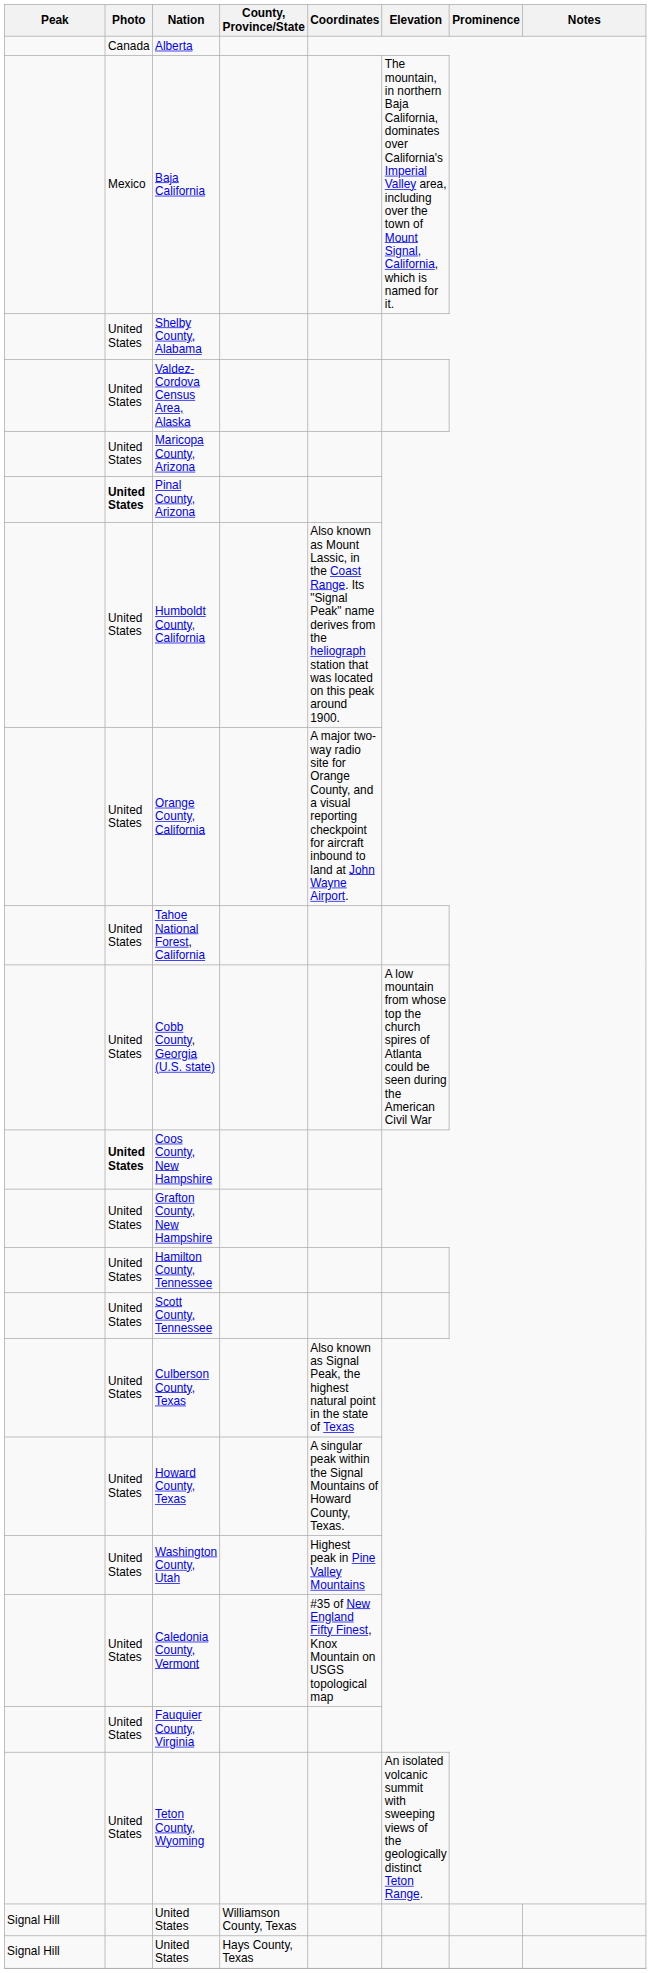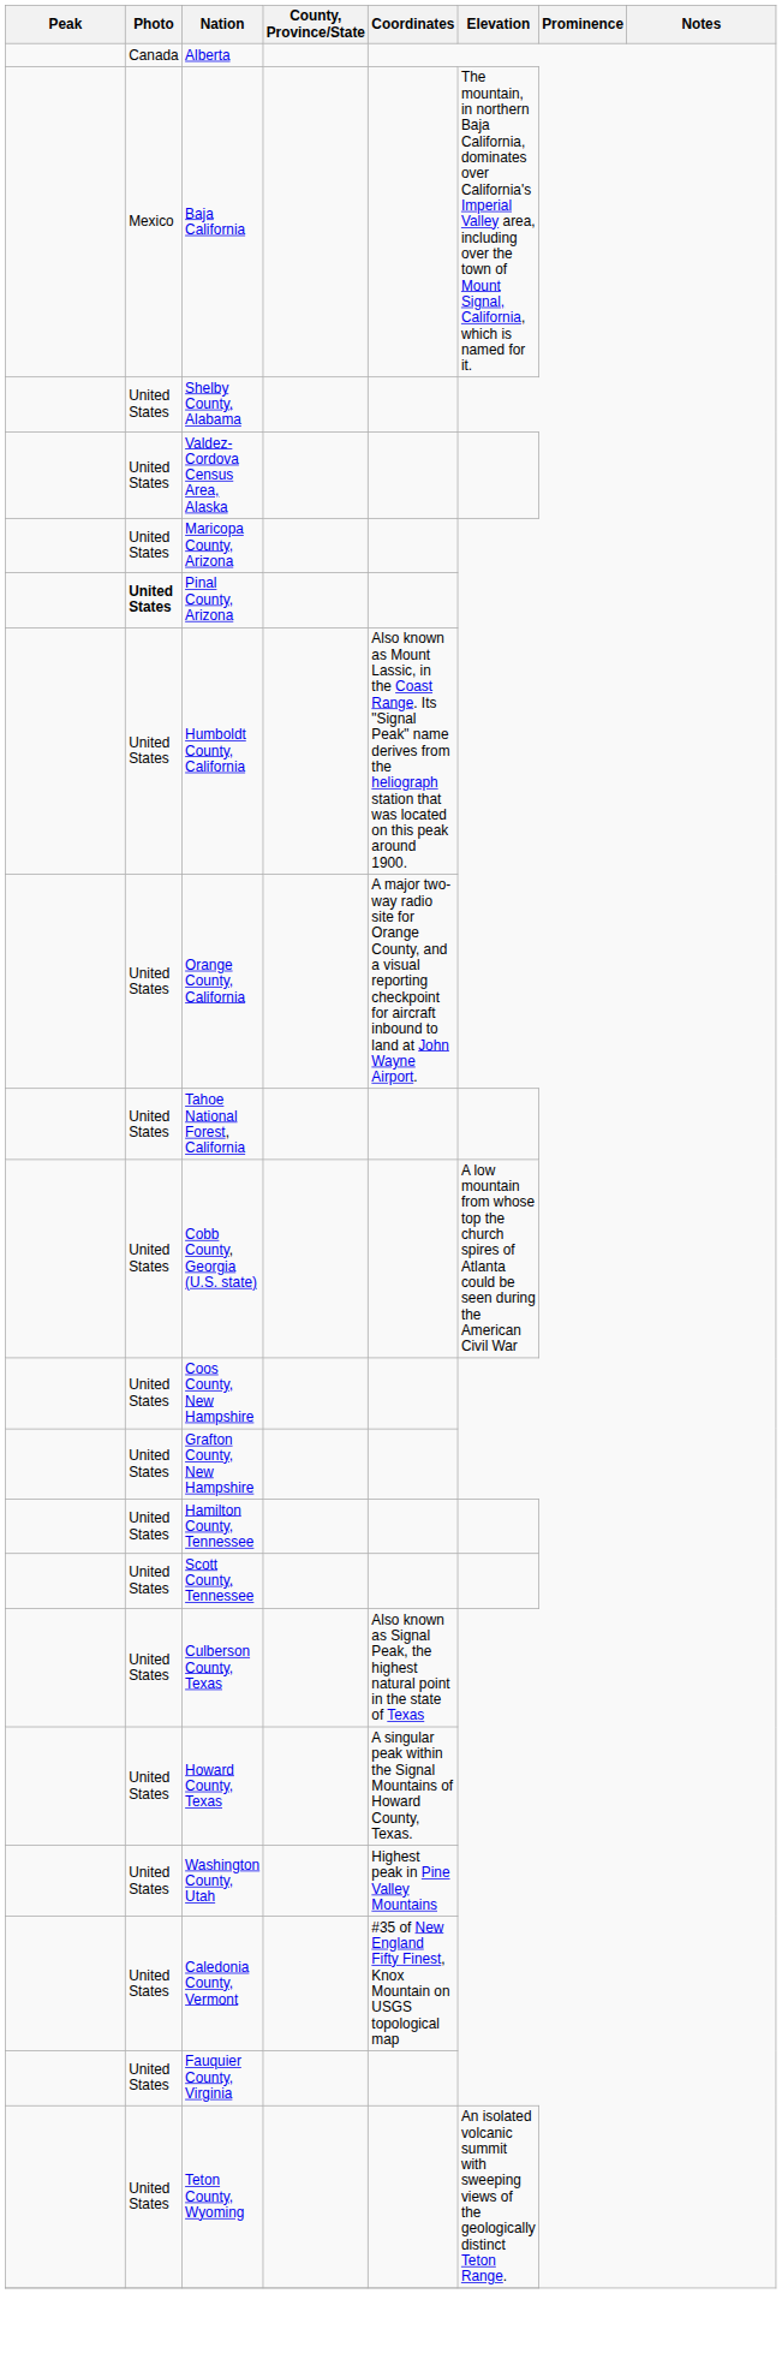 <table class="wikitable sortable">
 <tr>
 <th width=20%>Peak</th>
 <th>Photo</th>
 <th>Nation</th>
 <th>County, Province/State</th>
 <th>Coordinates</th>
 <th>Elevation</th>
 <th>Prominence</th>
 <th width=25%>Notes</th>
 </tr>
 <tr>
 <td></td>
 <td>Canada</td>
 <td><a href='#'>Alberta</a></td>
 <td><small></small><br> </td>
 </tr>
 <tr>
 <td></td>
 <td>Mexico</td>
 <td><a href='#'>Baja California</a></td>
 <td><small></small><br></td>
 <td></td>
 <td>The mountain, in northern Baja California, dominates over California's <a href='#'>Imperial Valley</a> area, including over the town of <a href='#'>Mount Signal, California</a>, which is named for it.</td>
 </tr>
 <tr>
 <td></td>
 <td>United States</td>
 <td><a href='#'>Shelby County, Alabama</a></td>
 <td><small></small><br> </td>
 <td></td>
 </tr>
 <tr>
 <td></td>
 <td>United States</td>
 <td><a href='#'>Valdez-Cordova Census Area, Alaska</a></td>
 <td><small></small><br></td>
 <td></td>
 <td></td>
 </tr>
 <tr>
 <td></td>
 <td>United States</td>
 <td><a href='#'>Maricopa County, Arizona</a></td>
 <td><small></small><br> </td>
 <td></td>
 </tr>
 <tr>
 <td></td>
 <td><strong>United States</strong></td>
 <td><a href='#'>Pinal County, Arizona</a></td>
 <td><small></small><br> </td>
 <td></td>
 </tr>
 <tr>
 <td></td>
 <td>United States</td>
 <td><a href='#'>Humboldt County, California</a></td>
 <td><small></small><br> </td>
 <td>Also known as Mount Lassic, in the <a href='#'>Coast Range</a>.  Its "Signal Peak" name derives from the <a href='#'>heliograph</a> station that was located on this peak around 1900.</td>
 </tr>
 <tr>
 <td></td>
 <td>United States</td>
 <td><a href='#'>Orange County, California</a></td>
 <td><small></small><br> </td>
 <td>A major two-way radio site for Orange County, and a visual reporting checkpoint for aircraft inbound to land at <a href='#'>John Wayne Airport</a>.</td>
 </tr>
 <tr>
 <td></td>
 <td>United States</td>
 <td><a href='#'>Tahoe National Forest</a>, <a href='#'>California</a></td>
 <td><small></small><br></td>
 <td></td>
 <td></td>
 </tr>
 <tr>
 <td></td>
 <td>United States</td>
 <td><a href='#'>Cobb County</a>, <a href='#'>Georgia (U.S. state)</a></td>
 <td><small></small><br></td>
 <td></td>
 <td>A low mountain from whose top the church spires of Atlanta could be seen during the American Civil War</td>
 </tr>
 <tr>
 <td></td>
-<td><strong>United States</strong></td>
+<td>United States</td>
 <td><a href='#'>Coos County, New Hampshire</a></td>
 <td><small></small><br> </td>
 <td></td>
 </tr>
 <tr>
 <td></td>
 <td>United States</td>
 <td><a href='#'>Grafton County, New Hampshire</a></td>
 <td><small></small><br> </td>
 <td></td>
 </tr>
 <tr>
 <td></td>
 <td>United States</td>
 <td><a href='#'>Hamilton County, Tennessee</a></td>
 <td><small></small><br></td>
 <td></td>
 <td></td>
 </tr>
 <tr>
 <td></td>
 <td>United States</td>
 <td><a href='#'>Scott County, Tennessee</a></td>
 <td><small></small><br></td>
 <td></td>
 <td></td>
 </tr>
 <tr>
 <td></td>
 <td>United States</td>
 <td><a href='#'>Culberson County, Texas</a></td>
 <td><small></small><br> </td>
 <td>Also known as Signal Peak, the highest natural point in the state of <a href='#'>Texas</a></td>
 </tr>
 <tr>
 <td></td>
 <td>United States</td>
 <td><a href='#'>Howard County, Texas</a></td>
 <td><small></small><br> </td>
 <td>A singular peak within the Signal Mountains of Howard County, Texas.</td>
 </tr>
 <tr>
 <td></td>
 <td>United States</td>
 <td><a href='#'>Washington County, Utah</a></td>
 <td><small></small><br> </td>
 <td>Highest peak in <a href='#'>Pine Valley Mountains</a></td>
 </tr>
 <tr>
 <td></td>
 <td>United States</td>
 <td><a href='#'>Caledonia County, Vermont</a></td>
 <td><small></small><br> </td>
 <td>#35 of <a href='#'>New England Fifty Finest</a>, Knox Mountain on USGS topological map</td>
 </tr>
 <tr>
 <td></td>
 <td>United States</td>
 <td><a href='#'>Fauquier County, Virginia</a></td>
 <td><small></small><br> </td>
 <td></td>
 </tr>
 <tr>
 <td></td>
 <td>United States</td>
 <td><a href='#'>Teton County, Wyoming</a></td>
 <td><small></small><br></td>
 <td></td>
 <td>An isolated volcanic summit with sweeping views of the geologically distinct <a href='#'>Teton Range</a>.</td>
 </tr>
 <tr>
-<td>Signal Hill</td>
-<td></td>
-<td>United States</td>
-<td>Williamson County, Texas</td>
-<td><small></small></td>
-<td></td>
-<td></td>
-<td></td>
-</tr>
-<tr>
-<td>Signal Hill</td>
-<td></td>
-<td>United States</td>
-<td>Hays County, Texas</td>
-<td><small></small></td>
-<td></td>
-<td></td>
-<td></td>
-</tr>
-<tr>
 </tr>
 </table>
